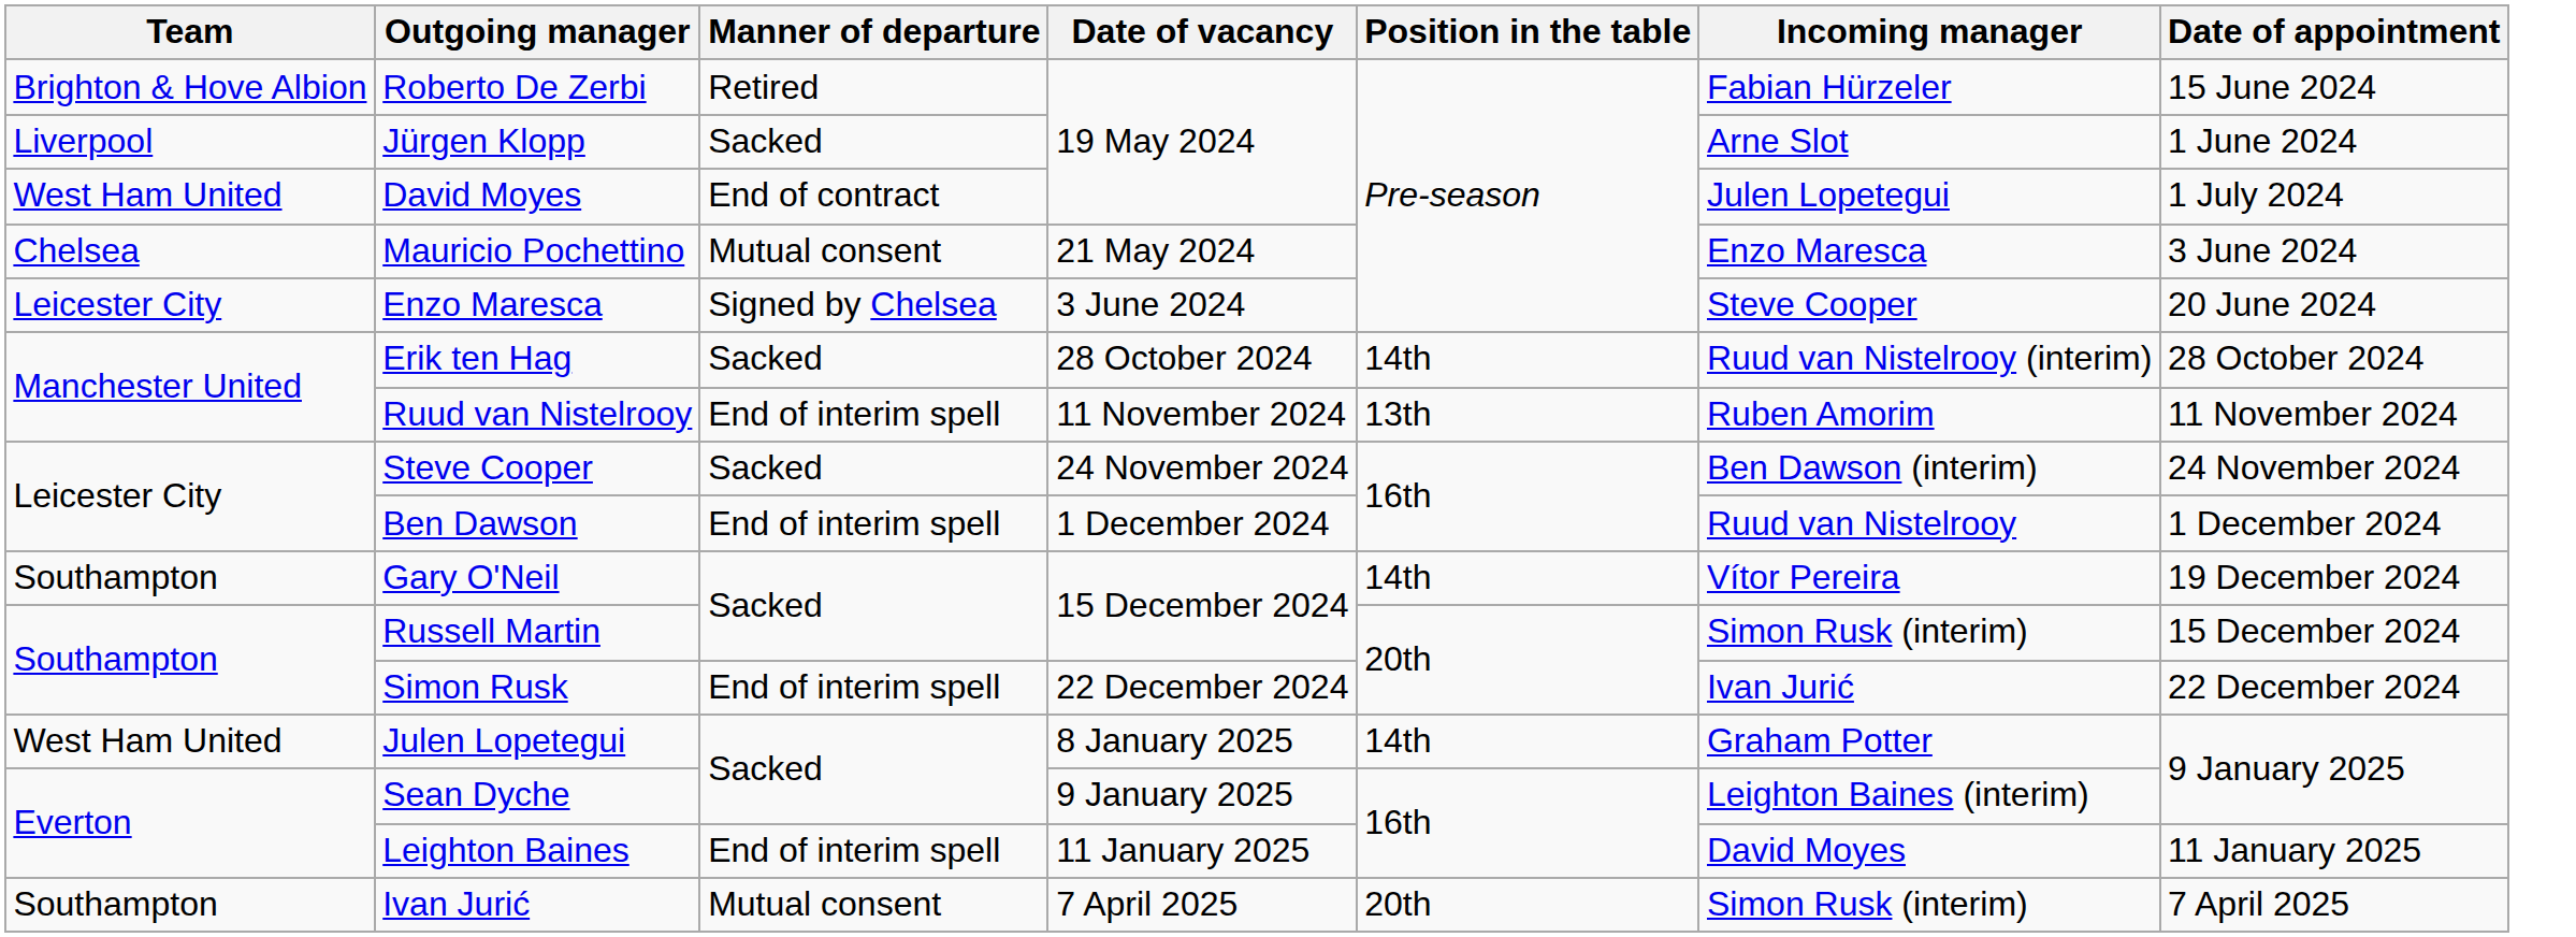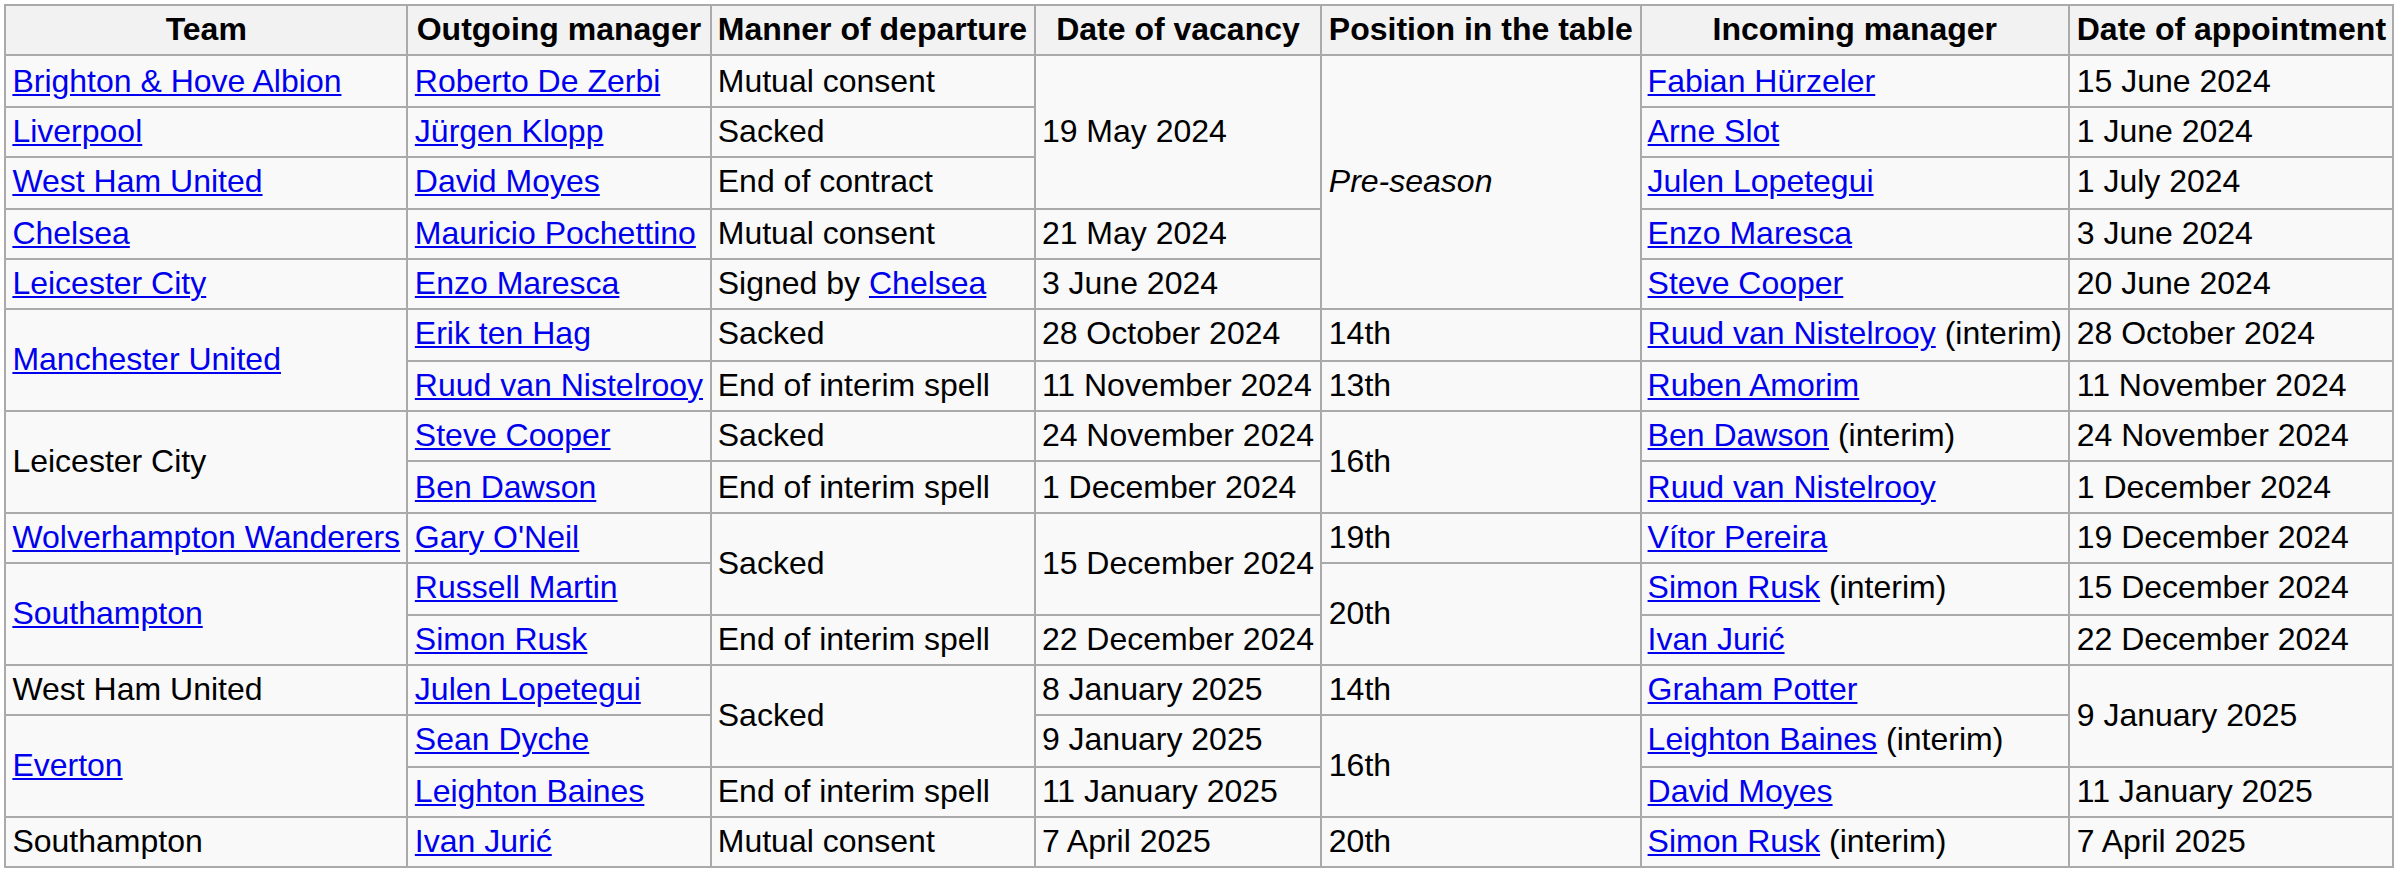 <table class="wikitable sortable">
 <tr>
 <th>Team</th>
 <th>Outgoing manager</th>
 <th>Manner of departure</th>
 <th>Date of vacancy</th>
 <th>Position in the table</th>
 <th>Incoming manager</th>
 <th>Date of appointment</th>
 </tr>
 <tr>
 <td><a href='#'>Brighton & Hove Albion</a></td>
 <td data-sort-value="De Zerbi, Roberto"> <a href='#'>Roberto De Zerbi</a></td>
-<td>Retired</td>
+<td>Mutual consent</td>
 <td rowspan="3">19 May 2024</td>
 <td rowspan="5"><em>Pre-season</em></td>
 <td data-sort-value="Hürzeler, Fabian"> <a href='#'>Fabian Hürzeler</a></td>
 <td>15 June 2024</td>
 </tr>
 <tr>
 <td><a href='#'>Liverpool</a></td>
 <td data-sort-value="Klopp, Jurgen"> <a href='#'>Jürgen Klopp</a></td>
 <td>Sacked</td>
 <td data-sort-value="Slot, Arne"> <a href='#'>Arne Slot</a></td>
 <td>1 June 2024</td>
 </tr>
 <tr>
 <td><a href='#'>West Ham United</a></td>
 <td data-sort-value="Moyes, David"> <a href='#'>David Moyes</a></td>
 <td>End of contract</td>
 <td data-sort-value="Lopetegui, Julen"> <a href='#'>Julen Lopetegui</a></td>
 <td>1 July 2024</td>
 </tr>
 <tr>
 <td><a href='#'>Chelsea</a></td>
 <td data-sort-value="Pochettino, Mauricio"> <a href='#'>Mauricio Pochettino</a></td>
 <td>Mutual consent</td>
 <td>21 May 2024</td>
 <td data-sort-value="Maresca, Pep(enzo)"> <a href='#'>Enzo Maresca</a></td>
 <td>3 June 2024</td>
 </tr>
 <tr>
 <td><a href='#'>Leicester City</a></td>
 <td data-sort-value="Maresca, Enzo"> <a href='#'>Enzo Maresca</a></td>
 <td>Signed by <a href='#'>Chelsea</a></td>
 <td>3 June 2024</td>
 <td data-sort-value="Cooper, Steve"> <a href='#'>Steve Cooper</a></td>
 <td>20 June 2024</td>
 </tr>
 <tr>
 <td rowspan="2"><a href='#'>Manchester United</a></td>
 <td data-sort-value="ten Hag, Erik"> <a href='#'>Erik ten Hag</a></td>
 <td>Sacked</td>
 <td>28 October 2024</td>
 <td>14th</td>
 <td data-sort-value="van Nistelrooy, Ruud"> <a href='#'>Ruud van Nistelrooy</a> (interim)</td>
 <td>28 October 2024</td>
 </tr>
 <tr>
 <td data-sort-value="van Nistelrooy, Ruud"> <a href='#'>Ruud van Nistelrooy</a></td>
 <td>End of interim spell</td>
 <td>11 November 2024</td>
 <td>13th</td>
 <td data-sort-value="Amorim, Ruben"> <a href='#'>Ruben Amorim</a></td>
 <td>11 November 2024</td>
 </tr>
 <tr>
 <td rowspan="2">Leicester City</td>
 <td data-sort-value="Cooper, Steve"> <a href='#'>Steve Cooper</a></td>
 <td>Sacked</td>
 <td>24 November 2024</td>
 <td rowspan="2">16th</td>
 <td data-sort-value="Dawson, Ben"> <a href='#'>Ben Dawson</a> (interim)</td>
 <td>24 November 2024</td>
 </tr>
 <tr>
 <td data-sort-value="Dawson, Ben"> <a href='#'>Ben Dawson</a></td>
 <td>End of interim spell</td>
 <td>1 December 2024</td>
 <td data-sort-value="van Nistelrooy, Ruud"> <a href='#'>Ruud van Nistelrooy</a></td>
 <td>1 December 2024</td>
 </tr>
 <tr>
-<td>Southampton</td>
+<td><a href='#'>Wolverhampton Wanderers</a></td>
 <td data-sort-value="O'Neil,Gary"> <a href='#'>Gary O'Neil</a></td>
 <td rowspan="2">Sacked</td>
 <td rowspan="2">15 December 2024</td>
-<td>14th</td>
+<td>19th</td>
 <td data-sort-value="Pereira, Vítor"> <a href='#'>Vítor Pereira</a></td>
 <td>19 December 2024</td>
 </tr>
 <tr>
 <td rowspan="2"><a href='#'>Southampton</a></td>
 <td data-sort-value="Martin, Russell"> <a href='#'>Russell Martin</a></td>
 <td rowspan="2">20th</td>
 <td data-sort-value="Rusk, Simon"> <a href='#'>Simon Rusk</a> (interim)</td>
 <td>15 December 2024</td>
 </tr>
 <tr>
 <td data-sort-value="Rusk, Simon"> <a href='#'>Simon Rusk</a></td>
 <td>End of interim spell</td>
 <td>22 December 2024</td>
 <td data-sort-value="Jurić, Ivan"> <a href='#'>Ivan Jurić</a></td>
 <td>22 December 2024</td>
 </tr>
 <tr>
 <td>West Ham United</td>
 <td data-sort-value="Lopetegui, Julen"> <a href='#'>Julen Lopetegui</a></td>
 <td rowspan="2">Sacked</td>
 <td>8 January 2025</td>
 <td>14th</td>
 <td data-sort-value="Potter, Graham"> <a href='#'>Graham Potter</a></td>
 <td rowspan="2">9 January 2025</td>
 </tr>
 <tr>
 <td rowspan="2"><a href='#'>Everton</a></td>
 <td data-sort-value="Dyche, Sean"> <a href='#'>Sean Dyche</a></td>
 <td>9 January 2025</td>
 <td rowspan="2">16th</td>
 <td data-sort-value="Baines, Leighton"> <a href='#'>Leighton Baines</a> (interim)</td>
 </tr>
 <tr>
 <td> <a href='#'>Leighton Baines</a></td>
 <td>End of interim spell</td>
 <td>11 January 2025</td>
 <td> <a href='#'>David Moyes</a></td>
 <td>11 January 2025</td>
 </tr>
 <tr>
 <td>Southampton</td>
 <td data-sort-value="Jurić, Ivan"> <a href='#'>Ivan Jurić</a></td>
 <td>Mutual consent</td>
 <td>7 April 2025</td>
 <td>20th</td>
 <td data-sort-value="Rusk, Simon"> <a href='#'>Simon Rusk</a> (interim)</td>
 <td>7 April 2025</td>
 </tr>
 </table>
